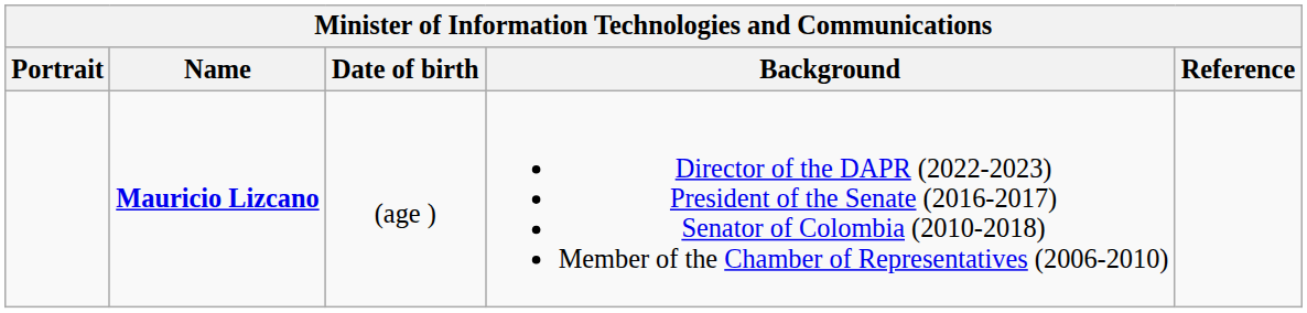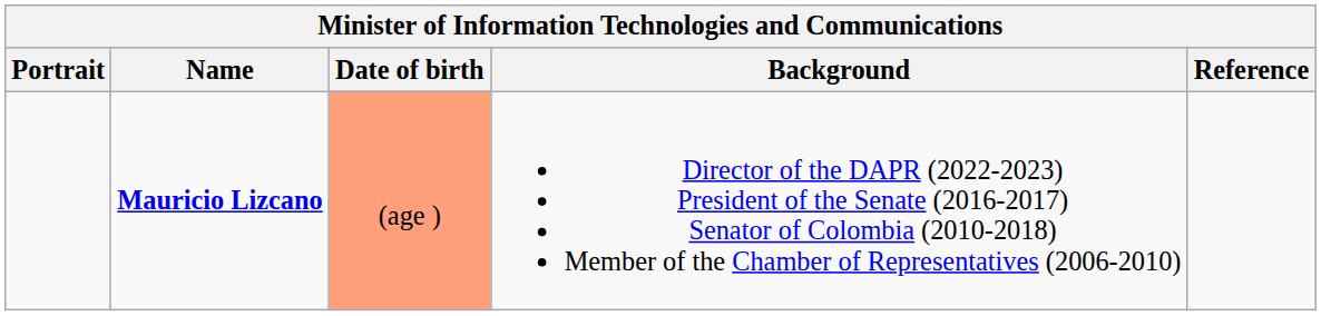 <table class="wikitable collapsible" style="text-align:center;">
 <tr>
 <th colspan="5">Minister of Information Technologies and Communications</th>
 </tr>
 <tr>
 <th>Portrait</th>
 <th>Name</th>
 <th>Date of birth</th>
 <th>Background</th>
 <th>Reference</th>
 </tr>
 <tr>
 <td></td>
 <td><strong><a href='#'>Mauricio Lizcano</a></strong></td>
-<td><br>(age )</td>
+<td style="background: lightsalmon;"><br>(age )</td>
 <td><br><ul><li><a href='#'>Director of the DAPR</a> (2022-2023)</li><li><a href='#'>President of the Senate</a> (2016-2017)</li><li><a href='#'>Senator of Colombia</a> (2010-2018)</li><li>Member of the <a href='#'>Chamber of Representatives</a> (2006-2010)</li></ul></td>
 <td></td>
 </tr>
 </table>
